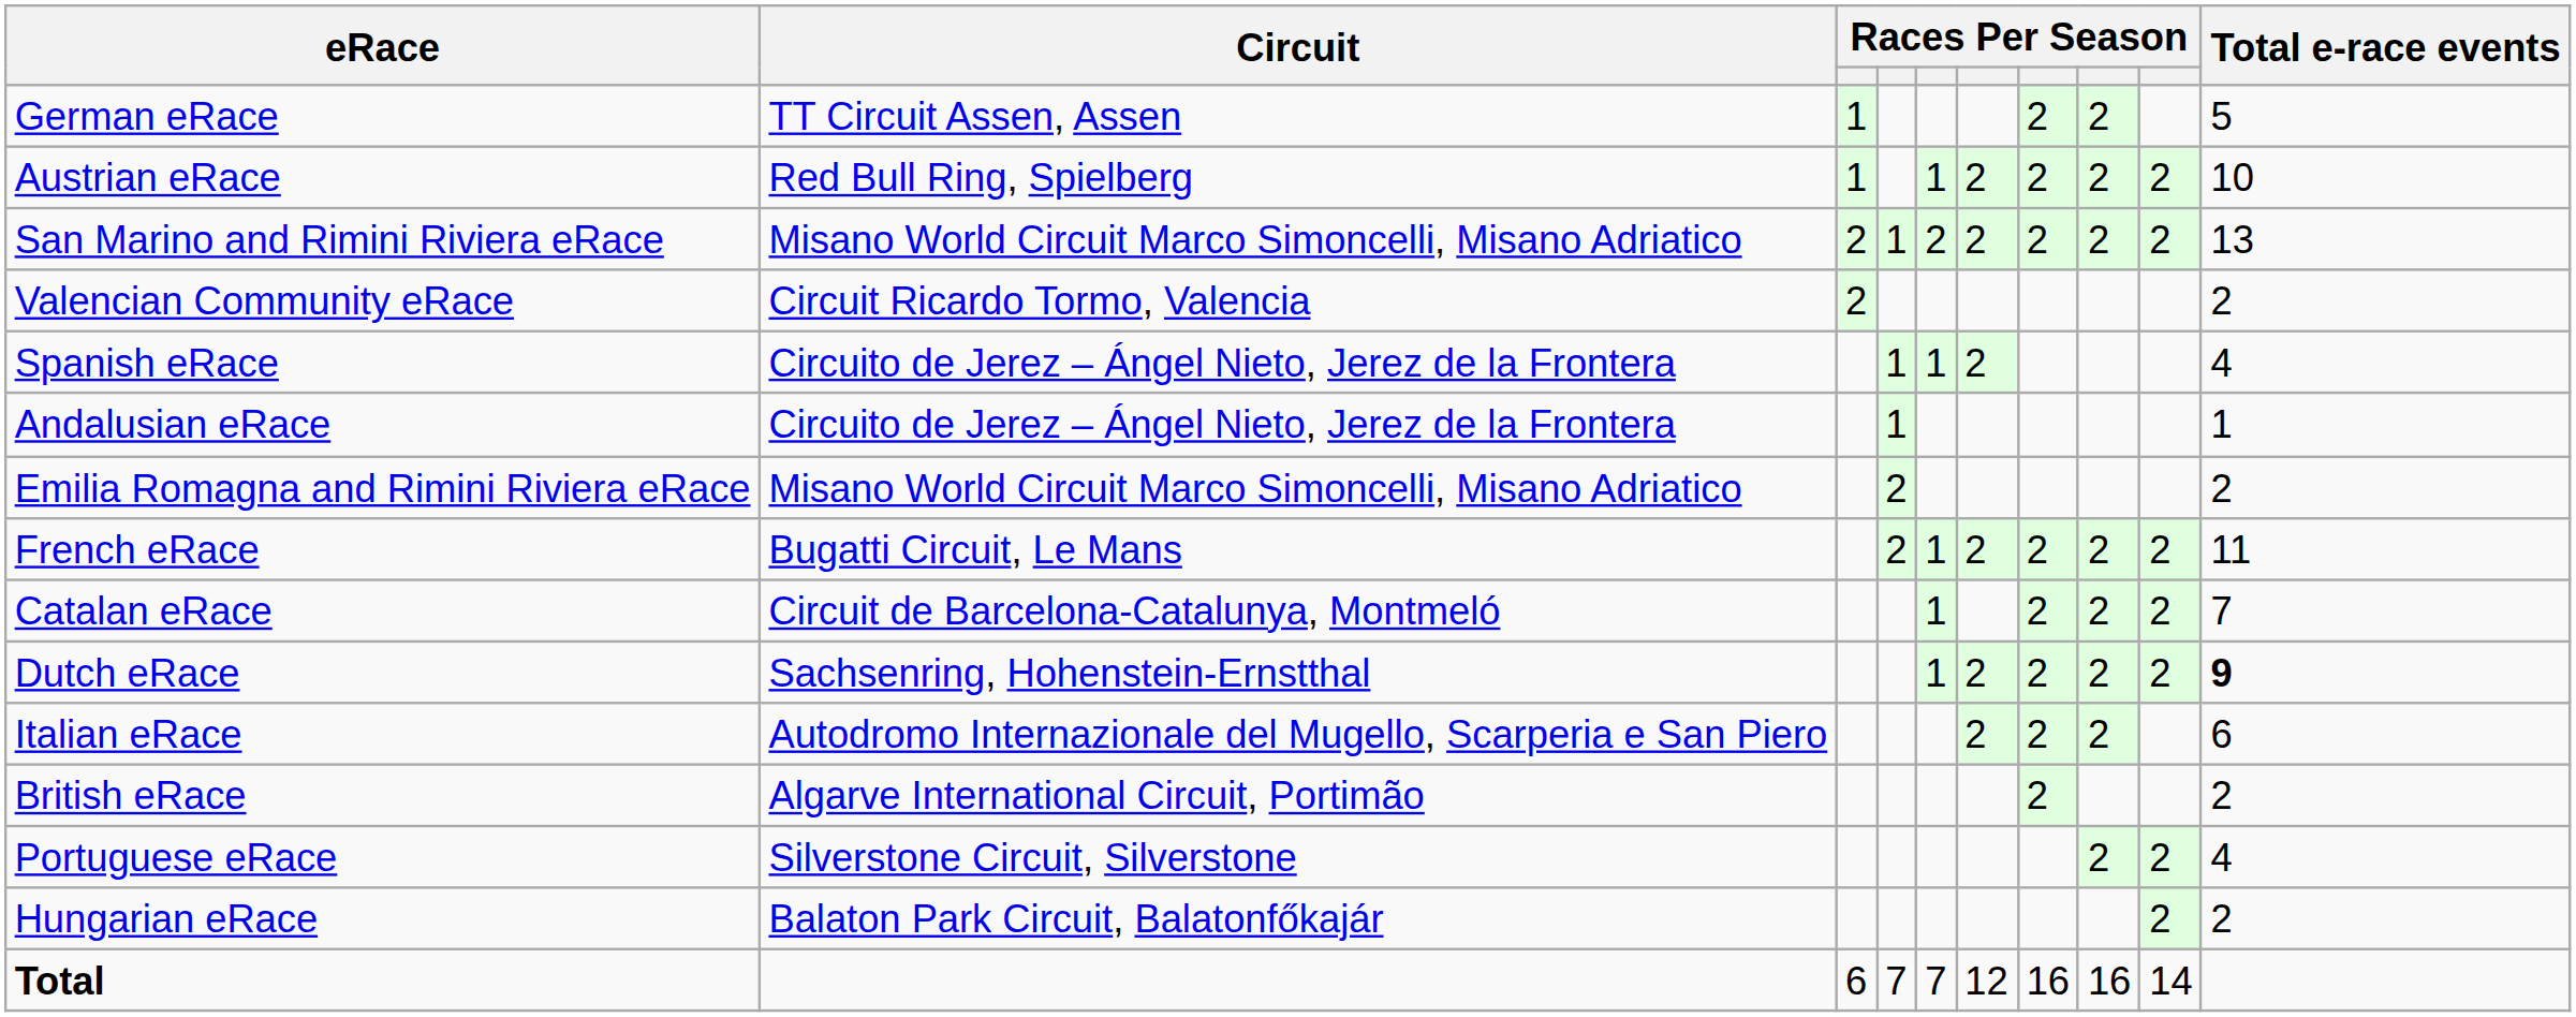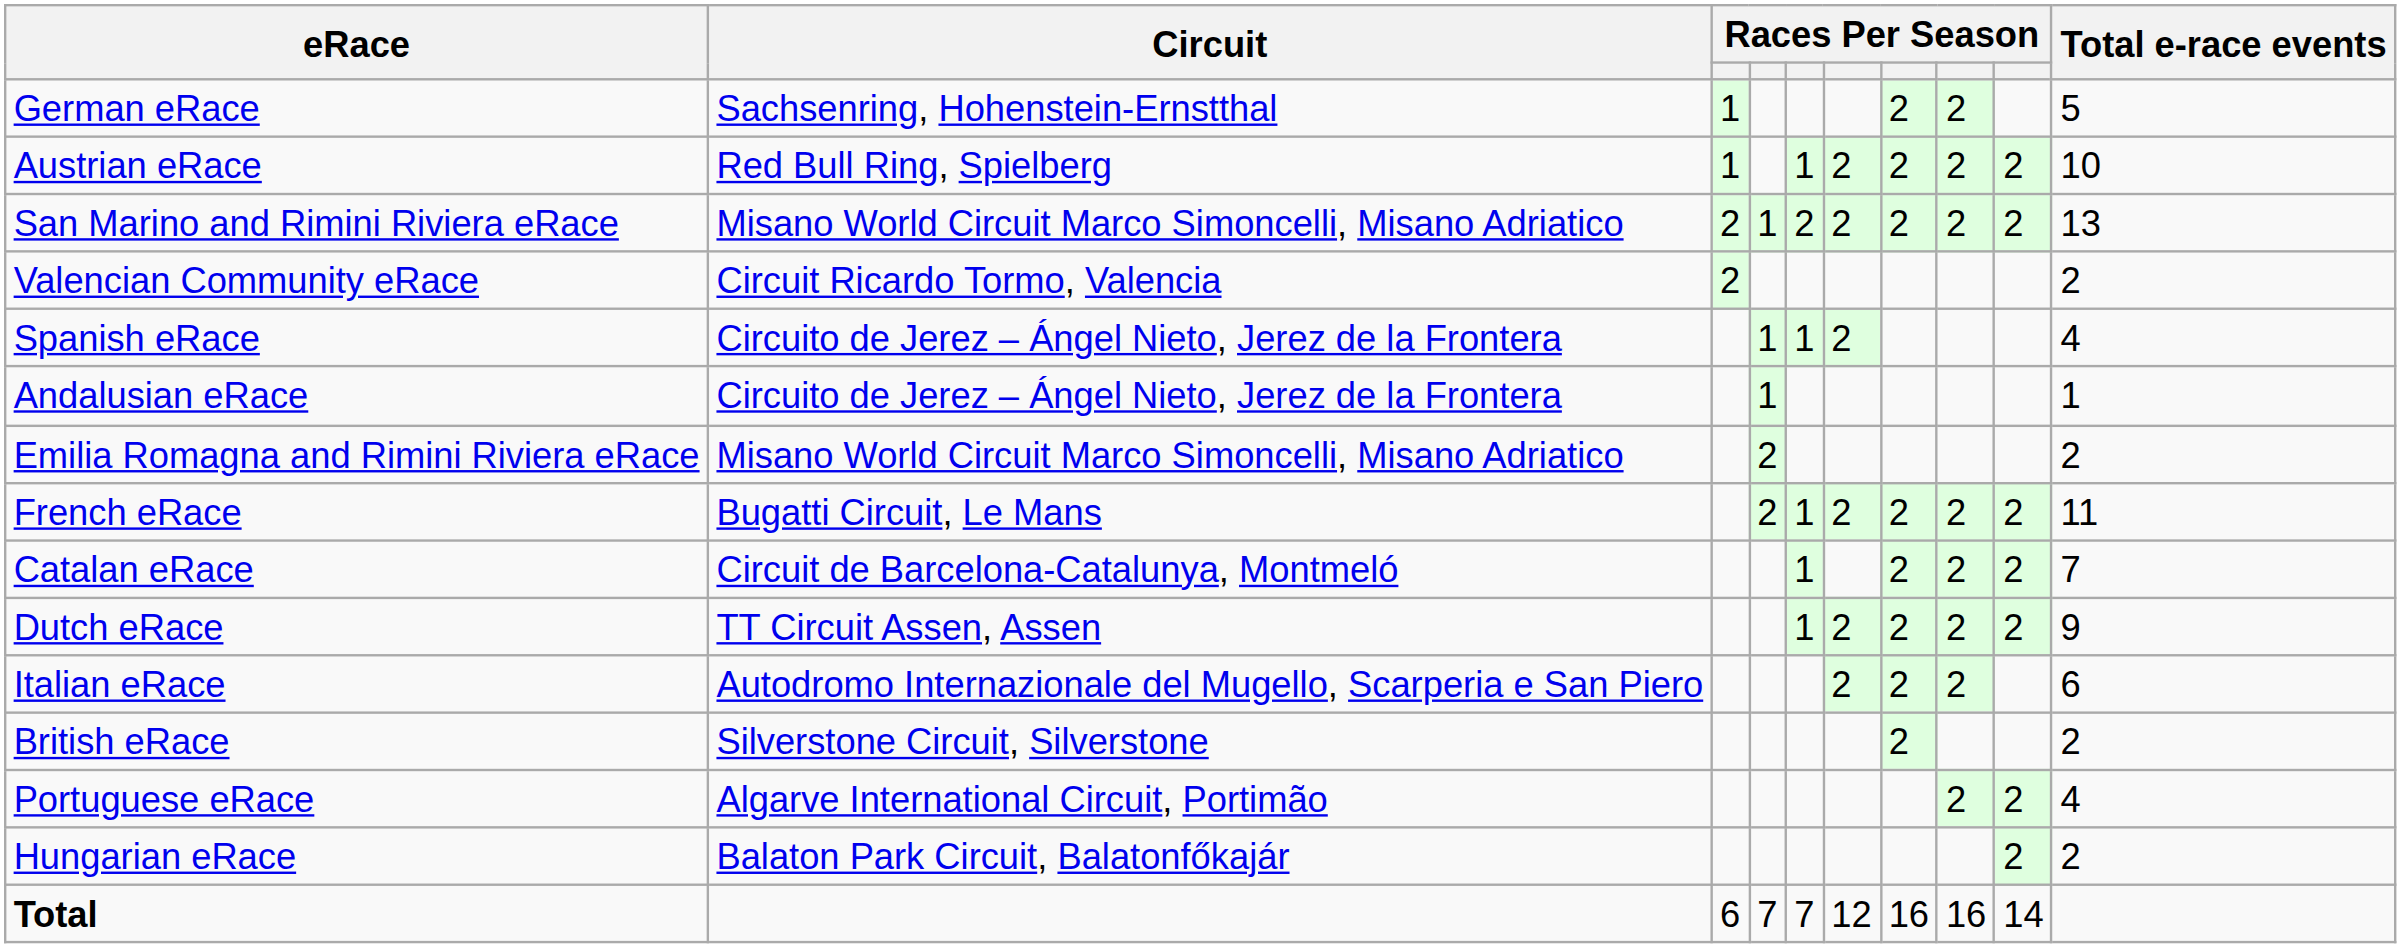 <table class="wikitable sortable" style="font-size: 95%;">
 <tr>
 <th rowspan="2">eRace</th>
 <th rowspan="2">Circuit</th>
 <th colspan="7">Races Per Season</th>
 <th rowspan="2">Total e-race events</th>
 </tr>
 <tr>
 <th></th>
 <th></th>
 <th></th>
 <th></th>
 <th></th>
 <th></th>
 <th></th>
 </tr>
 <tr>
 <td> <a href='#'>German eRace</a></td>
-<td><a href='#'>TT Circuit Assen</a>, <a href='#'>Assen</a></td>
+<td><a href='#'>Sachsenring</a>, <a href='#'>Hohenstein-Ernstthal</a></td>
 <td style="background-color:#dfffdf">1</td>
 <td></td>
 <td></td>
 <td></td>
 <td style="background-color:#dfffdf">2</td>
 <td style="background-color:#dfffdf">2</td>
 <td></td>
 <td>5</td>
 </tr>
 <tr>
 <td> <a href='#'>Austrian eRace</a></td>
 <td><a href='#'>Red Bull Ring</a>, <a href='#'>Spielberg</a></td>
 <td style="background-color:#dfffdf">1</td>
 <td></td>
 <td style="background-color:#dfffdf">1</td>
 <td style="background-color:#dfffdf">2</td>
 <td style="background-color:#dfffdf">2</td>
 <td style="background-color:#dfffdf">2</td>
 <td style="background-color:#dfffdf">2</td>
 <td>10</td>
 </tr>
 <tr>
 <td> <a href='#'>San Marino and Rimini Riviera eRace</a></td>
 <td><a href='#'>Misano World Circuit Marco Simoncelli</a>, <a href='#'>Misano Adriatico</a></td>
 <td style="background-color:#dfffdf">2</td>
 <td style="background-color:#dfffdf">1</td>
 <td style="background-color:#dfffdf">2</td>
 <td style="background-color:#dfffdf">2</td>
 <td style="background-color:#dfffdf">2</td>
 <td style="background-color:#dfffdf">2</td>
 <td style="background-color:#dfffdf">2</td>
 <td>13</td>
 </tr>
 <tr>
 <td> <a href='#'>Valencian Community eRace</a></td>
 <td><a href='#'>Circuit Ricardo Tormo</a>, <a href='#'>Valencia</a></td>
 <td style="background-color:#dfffdf">2</td>
 <td></td>
 <td></td>
 <td></td>
 <td></td>
 <td></td>
 <td></td>
 <td>2</td>
 </tr>
 <tr>
 <td> <a href='#'>Spanish eRace</a></td>
 <td><a href='#'>Circuito de Jerez – Ángel Nieto</a>, <a href='#'>Jerez de la Frontera</a></td>
 <td></td>
 <td style="background-color:#dfffdf">1</td>
 <td style="background-color:#dfffdf">1</td>
 <td style="background-color:#dfffdf">2</td>
 <td></td>
 <td></td>
 <td></td>
 <td>4</td>
 </tr>
 <tr>
 <td> <a href='#'>Andalusian eRace</a></td>
 <td><a href='#'>Circuito de Jerez – Ángel Nieto</a>, <a href='#'>Jerez de la Frontera</a></td>
 <td></td>
 <td style="background-color:#dfffdf">1</td>
 <td></td>
 <td></td>
 <td></td>
 <td></td>
 <td></td>
 <td>1</td>
 </tr>
 <tr>
 <td> <a href='#'>Emilia Romagna and Rimini Riviera eRace</a></td>
 <td><a href='#'>Misano World Circuit Marco Simoncelli</a>, <a href='#'>Misano Adriatico</a></td>
 <td></td>
 <td style="background-color:#dfffdf">2</td>
 <td></td>
 <td></td>
 <td></td>
 <td></td>
 <td></td>
 <td>2</td>
 </tr>
 <tr>
 <td> <a href='#'>French eRace</a></td>
 <td><a href='#'>Bugatti Circuit</a>, <a href='#'>Le Mans</a></td>
 <td></td>
 <td style="background-color:#dfffdf">2</td>
 <td style="background-color:#dfffdf">1</td>
 <td style="background-color:#dfffdf">2</td>
 <td style="background-color:#dfffdf">2</td>
 <td style="background-color:#dfffdf">2</td>
 <td style="background-color:#dfffdf">2</td>
 <td>11</td>
 </tr>
 <tr>
 <td> <a href='#'>Catalan eRace</a></td>
 <td><a href='#'>Circuit de Barcelona-Catalunya</a>, <a href='#'>Montmeló</a></td>
 <td></td>
 <td></td>
 <td style="background-color:#dfffdf">1</td>
 <td></td>
 <td style="background-color:#dfffdf">2</td>
 <td style="background-color:#dfffdf">2</td>
 <td style="background-color:#dfffdf">2</td>
 <td>7</td>
 </tr>
 <tr>
 <td> <a href='#'>Dutch eRace</a></td>
-<td><a href='#'>Sachsenring</a>, <a href='#'>Hohenstein-Ernstthal</a></td>
+<td><a href='#'>TT Circuit Assen</a>, <a href='#'>Assen</a></td>
 <td></td>
 <td></td>
 <td style="background-color:#dfffdf">1</td>
 <td style="background-color:#dfffdf">2</td>
 <td style="background-color:#dfffdf">2</td>
 <td style="background-color:#dfffdf">2</td>
 <td style="background-color:#dfffdf">2</td>
-<td><strong>9</strong></td>
+<td>9</td>
 </tr>
 <tr>
 <td> <a href='#'>Italian eRace</a></td>
 <td><a href='#'>Autodromo Internazionale del Mugello</a>, <a href='#'>Scarperia e San Piero</a></td>
 <td></td>
 <td></td>
 <td></td>
 <td style="background-color:#dfffdf">2</td>
 <td style="background-color:#dfffdf">2</td>
 <td style="background-color:#dfffdf">2</td>
 <td></td>
 <td>6</td>
 </tr>
 <tr>
 <td> <a href='#'>British eRace</a></td>
-<td><a href='#'>Algarve International Circuit</a>, <a href='#'>Portimão</a></td>
+<td><a href='#'>Silverstone Circuit</a>, <a href='#'>Silverstone</a></td>
 <td></td>
 <td></td>
 <td></td>
 <td></td>
 <td style="background-color:#dfffdf">2</td>
 <td></td>
 <td></td>
 <td>2</td>
 </tr>
 <tr>
 <td> <a href='#'>Portuguese eRace</a></td>
-<td><a href='#'>Silverstone Circuit</a>, <a href='#'>Silverstone</a></td>
+<td><a href='#'>Algarve International Circuit</a>, <a href='#'>Portimão</a></td>
 <td></td>
 <td></td>
 <td></td>
 <td></td>
 <td></td>
 <td style="background-color:#dfffdf">2</td>
 <td style="background-color:#dfffdf">2</td>
 <td>4</td>
 </tr>
 <tr>
 <td> <a href='#'>Hungarian eRace</a></td>
 <td><a href='#'>Balaton Park Circuit</a>, <a href='#'>Balatonfőkajár</a></td>
 <td></td>
 <td></td>
 <td></td>
 <td></td>
 <td></td>
 <td></td>
 <td style="background-color:#dfffdf">2</td>
 <td>2</td>
 </tr>
 <tr>
 <td><strong>Total</strong></td>
 <td></td>
 <td>6</td>
 <td>7</td>
 <td>7</td>
 <td>12</td>
 <td>16</td>
 <td>16</td>
 <td>14</td>
 </tr>
 </table>
